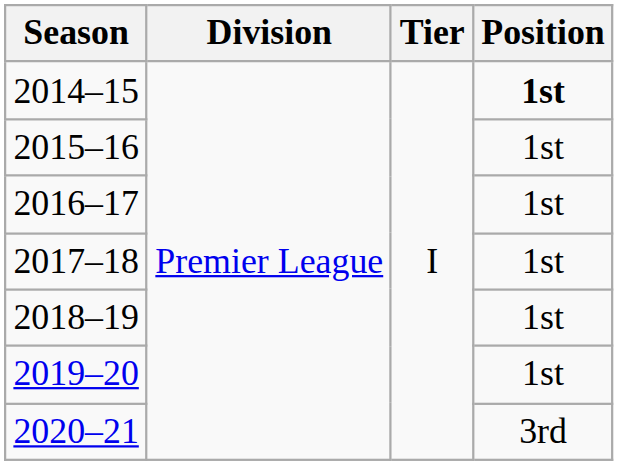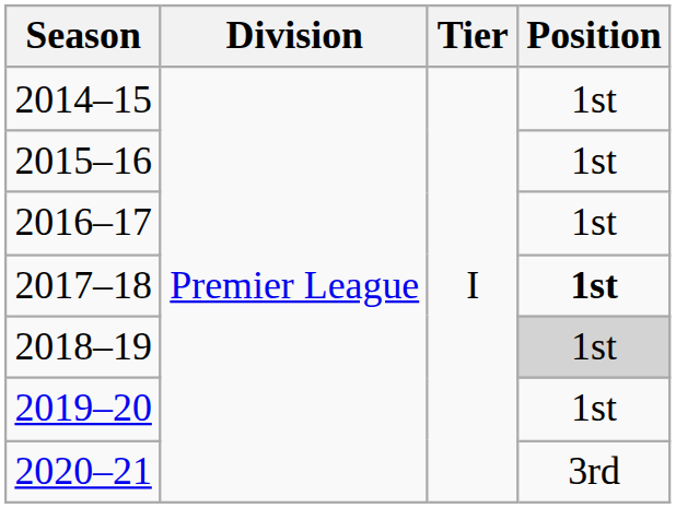 <table class="wikitable">
 <tr>
 <th>Season</th>
 <th>Division</th>
 <th>Tier</th>
 <th>Position</th>
 </tr>
 <tr align="center">
 <td>2014–15</td>
 <td rowspan=7 align="center"><a href='#'>Premier League</a></td>
 <td rowspan=7 align="center">I</td>
-<td><strong>1st</strong></td>
+<td>1st</td>
 </tr>
 <tr align="center">
 <td>2015–16</td>
 <td>1st</td>
 </tr>
 <tr align="center">
 <td>2016–17</td>
 <td>1st</td>
 </tr>
 <tr align="center">
 <td>2017–18</td>
-<td>1st</td>
+<td><strong>1st</strong></td>
 </tr>
 <tr align="center">
 <td>2018–19</td>
-<td>1st</td>
+<td style="background: lightgrey;">1st</td>
 </tr>
 <tr align="center">
 <td><a href='#'>2019–20</a></td>
 <td>1st</td>
 </tr>
 <tr align="center">
 <td><a href='#'>2020–21</a></td>
 <td>3rd</td>
 </tr>
 </table>
